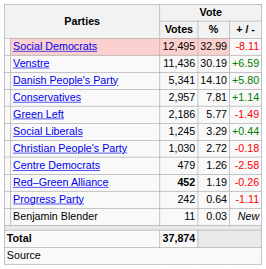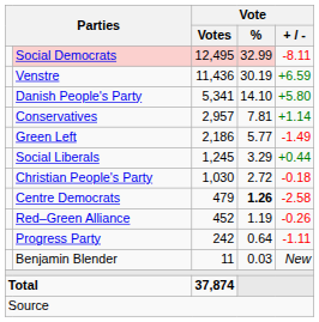 <table class="wikitable" style="text-align:right;">
 <tr>
 <th style="text-align:centre;" rowspan="2" colspan="2" width="225">Parties</th>
 <th colspan="3">Vote</th>
 </tr>
 <tr>
 <th width="15">Votes</th>
 <th width="15">%</th>
 <th width="15">+ / -</th>
 </tr>
 <tr>
 <td width="2" style="color:inherit;background:"></td>
 <td bgcolor=#fbd0ce  align="left"><a href='#'>Social Democrats</a></td>
 <td bgcolor=#fbd0ce>12,495</td>
 <td bgcolor=#fbd0ce>32.99</td>
 <td style=color:red;>-8.11</td>
 </tr>
 <tr>
 <td width="2" style="color:inherit;background:"></td>
 <td align="left"><a href='#'>Venstre</a></td>
 <td>11,436</td>
 <td>30.19</td>
 <td style=color:green;>+6.59</td>
 </tr>
 <tr>
 <td width="2" style="color:inherit;background:"></td>
 <td align="left"><a href='#'>Danish People's Party</a></td>
 <td>5,341</td>
 <td>14.10</td>
 <td style=color:green;>+5.80</td>
 </tr>
 <tr>
 <td width="2" style="color:inherit;background:"></td>
 <td align="left"><a href='#'>Conservatives</a></td>
 <td>2,957</td>
 <td>7.81</td>
 <td style=color:green;>+1.14</td>
 </tr>
 <tr>
 <td width="2" style="color:inherit;background:"></td>
 <td align="left"><a href='#'>Green Left</a></td>
 <td>2,186</td>
 <td>5.77</td>
 <td style=color:red;>-1.49</td>
 </tr>
 <tr>
 <td width="2" style="color:inherit;background:"></td>
 <td align="left"><a href='#'>Social Liberals</a></td>
 <td>1,245</td>
 <td>3.29</td>
 <td style=color:green;>+0.44</td>
 </tr>
 <tr>
 <td width="2" style="color:inherit;background:"></td>
 <td align="left"><a href='#'>Christian People's Party</a></td>
 <td>1,030</td>
 <td>2.72</td>
 <td style=color:red;>-0.18</td>
 </tr>
 <tr>
 <td width="2" style="color:inherit;background:"></td>
 <td align="left"><a href='#'>Centre Democrats</a></td>
 <td>479</td>
-<td>1.26</td>
+<td><strong>1.26</strong></td>
 <td style=color:red;>-2.58</td>
 </tr>
 <tr>
 <td width="2" style="color:inherit;background:"></td>
 <td align="left"><a href='#'>Red–Green Alliance</a></td>
-<td><strong>452</strong></td>
+<td>452</td>
 <td>1.19</td>
 <td style=color:red;>-0.26</td>
 </tr>
 <tr>
 <td width="2" style="color:inherit;background:"></td>
 <td align="left"><a href='#'>Progress Party</a></td>
 <td>242</td>
 <td>0.64</td>
 <td style=color:red;>-1.11</td>
 </tr>
 <tr>
 <td width="2" style="color:inherit;background:"></td>
 <td align="left">Benjamin Blender</td>
 <td>11</td>
 <td>0.03</td>
 <td><em>New</em></td>
 </tr>
 <tr>
 <td colspan="7" bgcolor="#E9E9E9"></td>
 </tr>
 <tr>
 <td align="left" colspan="2"><strong>Total</strong></td>
 <td><strong>37,874</strong></td>
 <td bgcolor="#E9E9E9" colspan="2"></td>
 </tr>
 <tr>
 <td align="left" colspan="6">Source</td>
 </tr>
 </table>
